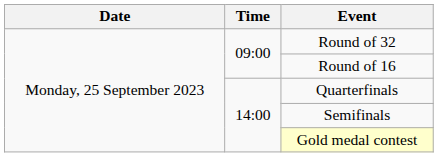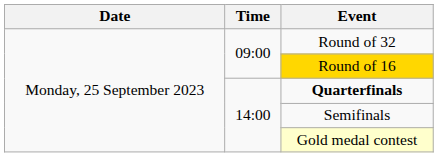 <table class = "wikitable" style="text-align:center;">
 <tr>
 <th width=220>Date</th>
 <th width=50>Time</th>
 <th width=150>Event</th>
 </tr>
 <tr>
 <td rowspan=5>Monday, 25 September 2023</td>
 <td rowspan=2>09:00</td>
 <td>Round of 32</td>
 </tr>
 <tr>
-<td>Round of 16</td>
+<td style="background: gold;">Round of 16</td>
 </tr>
 <tr>
 <td rowspan=3>14:00</td>
-<td>Quarterfinals</td>
+<td><strong>Quarterfinals</strong></td>
 </tr>
 <tr>
 <td>Semifinals</td>
 </tr>
 <tr>
 <td bgcolor=ffffcc>Gold medal contest</td>
 </tr>
 </table>
